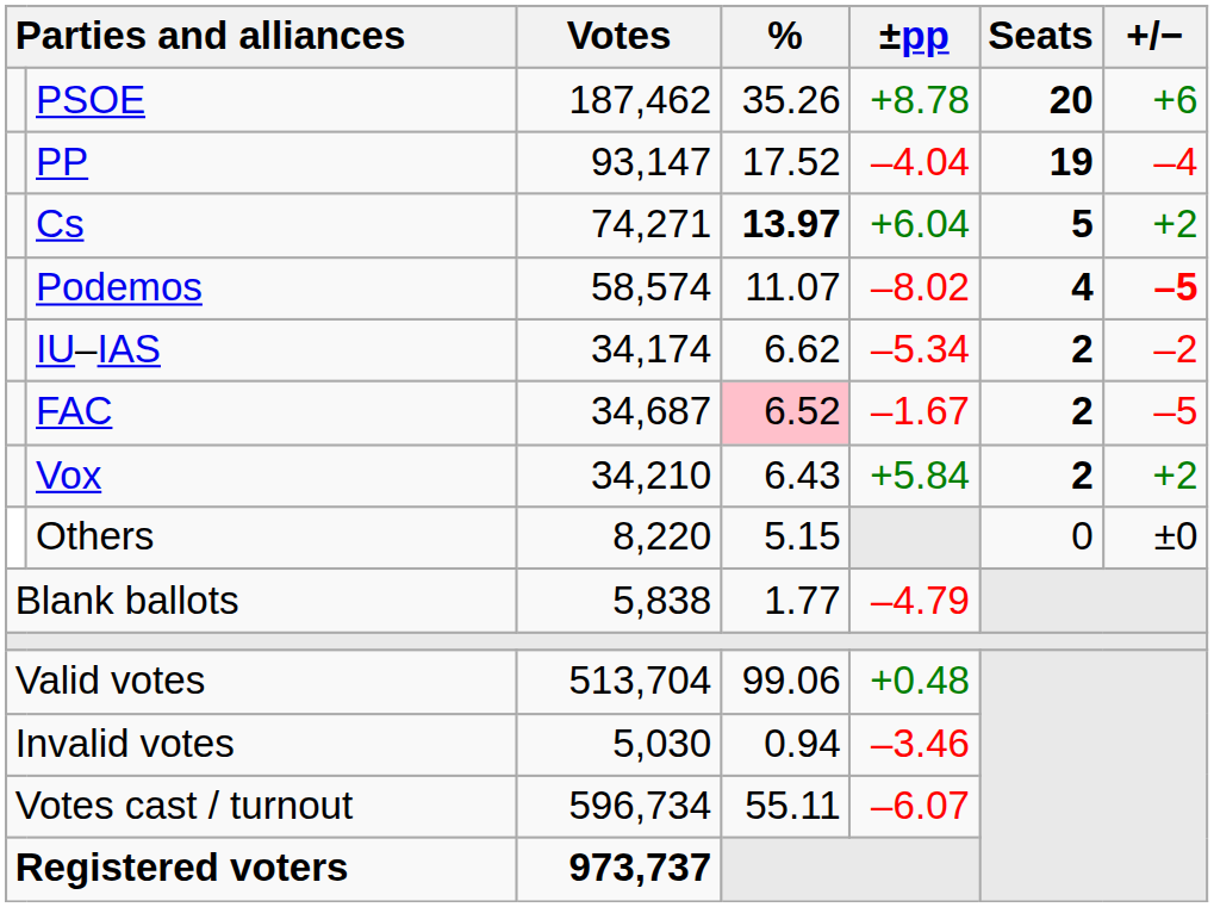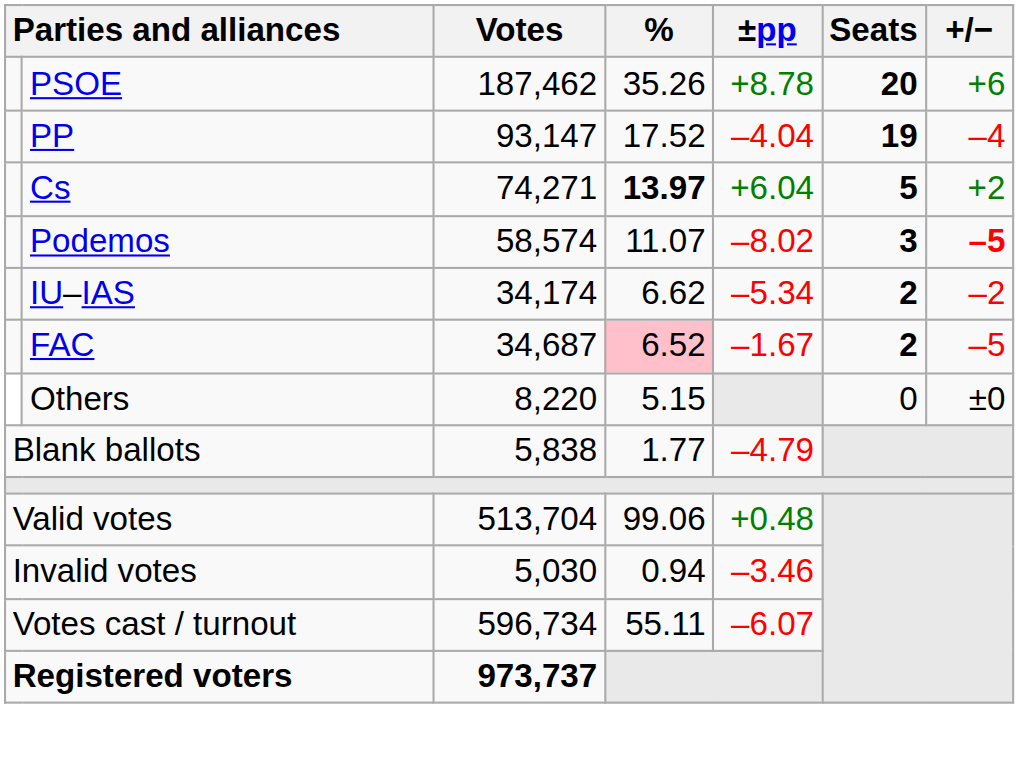 <table class="wikitable" style="text-align:right;">
 <tr>
 <th style="text-align:left;" colspan="2" width="200">Parties and alliances</th>
 <th width="75">Votes</th>
 <th width="45">%</th>
 <th width="45">±<a href='#'>pp</a></th>
 <th width="35">Seats</th>
 <th width="35">+/−</th>
 </tr>
 <tr>
 <td width="1" style="color:inherit;background:"></td>
 <td align="left"><a href='#'>PSOE</a></td>
 <td>187,462</td>
 <td>35.26</td>
 <td style="color:green;">+8.78</td>
 <td><strong>20</strong></td>
 <td style="color:green;">+6</td>
 </tr>
 <tr>
 <td style="color:inherit;background:"></td>
 <td align="left"><a href='#'>PP</a></td>
 <td>93,147</td>
 <td>17.52</td>
 <td style="color:red;">–4.04</td>
 <td><strong>19</strong></td>
 <td style="color:red;">–4</td>
 </tr>
 <tr>
 <td style="color:inherit;background:"></td>
 <td align="left"><a href='#'>Cs</a></td>
 <td>74,271</td>
 <td><strong>13.97</strong></td>
 <td style="color:green;">+6.04</td>
 <td><strong>5</strong></td>
 <td style="color:green;">+2</td>
 </tr>
 <tr>
 <td style="color:inherit;background:"></td>
 <td align="left"><a href='#'>Podemos</a></td>
 <td>58,574</td>
 <td>11.07</td>
 <td style="color:red;">–8.02</td>
-<td><strong>4</strong></td>
+<td><strong>3</strong></td>
 <td style="color:red;"><strong>–5</strong></td>
 </tr>
 <tr>
 <td style="color:inherit;background:"></td>
 <td align="left"><a href='#'>IU</a>–<a href='#'>IAS</a></td>
 <td>34,174</td>
 <td>6.62</td>
 <td style="color:red;">–5.34</td>
 <td><strong>2</strong></td>
 <td style="color:red;">–2</td>
 </tr>
 <tr>
 <td style="color:inherit;background:"></td>
 <td align="left"><a href='#'>FAC</a></td>
 <td>34,687</td>
 <td style="background: pink;">6.52</td>
 <td style="color:red;">–1.67</td>
 <td><strong>2</strong></td>
 <td style="color:red;">–5</td>
-</tr>
-<tr>
-<td style="color:inherit;background:"></td>
-<td align="left"><a href='#'>Vox</a></td>
-<td>34,210</td>
-<td>6.43</td>
-<td style="color:green;">+5.84</td>
-<td><strong>2</strong></td>
-<td style="color:green;">+2</td>
 </tr>
 <tr>
 <td bgcolor="white"></td>
 <td align="left">Others</td>
 <td>8,220</td>
 <td>5.15</td>
 <td bgcolor="#E9E9E9"></td>
 <td>0</td>
 <td>±0</td>
 </tr>
 <tr>
 <td align="left" colspan="2">Blank ballots</td>
 <td>5,838</td>
 <td>1.77</td>
 <td style="color:red;">–4.79</td>
 <td bgcolor="#E9E9E9" colspan="2"></td>
 </tr>
 <tr>
 <td colspan="7" bgcolor="#E9E9E9"></td>
 </tr>
 <tr>
 <td align="left" colspan="2">Valid votes</td>
 <td>513,704</td>
 <td>99.06</td>
 <td style="color:green;">+0.48</td>
 <td bgcolor="#E9E9E9" colspan="2" rowspan="4"></td>
 </tr>
 <tr>
 <td align="left" colspan="2">Invalid votes</td>
 <td>5,030</td>
 <td>0.94</td>
 <td style="color:red;">–3.46</td>
 </tr>
 <tr>
 <td align="left" colspan="2">Votes cast / turnout</td>
 <td>596,734</td>
 <td>55.11</td>
 <td style="color:red;">–6.07</td>
 </tr>
 <tr style="font-weight:bold;">
 <td align="left" colspan="2">Registered voters</td>
 <td>973,737</td>
 <td bgcolor="#E9E9E9" colspan="2"></td>
 </tr>
 </table>
